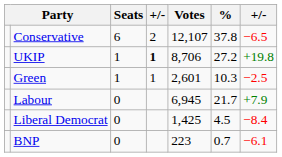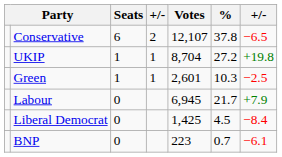 <table class="wikitable">
 <tr>
 <th colspan="2">Party</th>
 <th>Seats</th>
 <th>+/-</th>
 <th>Votes</th>
 <th>%</th>
 <th>+/-</th>
 </tr>
 <tr>
 <td style="background-color: "></td>
 <td><a href='#'>Conservative</a></td>
 <td>6</td>
 <td> 2</td>
 <td>12,107</td>
 <td>37.8</td>
 <td style="color:red">−6.5</td>
 </tr>
 <tr>
 <td style="background-color: "></td>
 <td><a href='#'>UKIP</a></td>
 <td>1</td>
-<td><strong> 1</strong></td>
-<td>8,706</td>
+<td> 1</td>
+<td>8,704</td>
 <td>27.2</td>
 <td style="color:green">+19.8</td>
 </tr>
 <tr>
 <td style="background-color: "></td>
 <td><a href='#'>Green</a></td>
 <td>1</td>
 <td> 1</td>
 <td>2,601</td>
 <td>10.3</td>
 <td style="color:red">−2.5</td>
 </tr>
 <tr>
 <td style="background-color: "></td>
 <td><a href='#'>Labour</a></td>
 <td>0</td>
 <td></td>
 <td>6,945</td>
 <td>21.7</td>
 <td style="color:green">+7.9</td>
 </tr>
 <tr>
 <td style="background-color: "></td>
 <td><a href='#'>Liberal Democrat</a></td>
 <td>0</td>
 <td></td>
 <td>1,425</td>
 <td>4.5</td>
 <td style="color:red">−8.4</td>
 </tr>
 <tr>
 <td style="background-color: "></td>
 <td><a href='#'>BNP</a></td>
 <td>0</td>
 <td></td>
 <td>223</td>
 <td>0.7</td>
 <td style="color:red">−6.1</td>
 </tr>
 </table>
